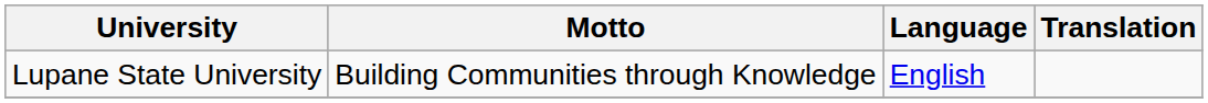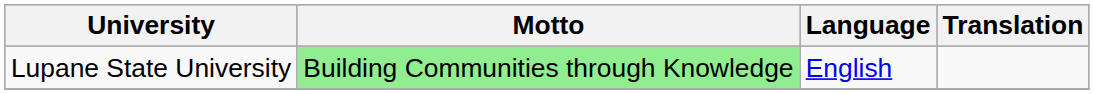 <table class="wikitable sortable plainrowheaders">
 <tr>
 <th>University</th>
 <th>Motto</th>
 <th>Language</th>
 <th>Translation</th>
 </tr>
 <tr>
 <td>Lupane State University</td>
-<td>Building Communities through Knowledge</td>
+<td style="background: lightgreen;">Building Communities through Knowledge</td>
 <td><a href='#'>English</a></td>
 <td></td>
 </tr>
 <tr>
 </tr>
 </table>
